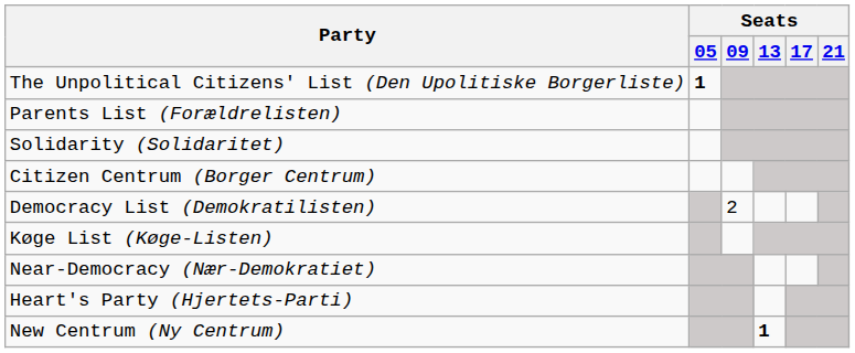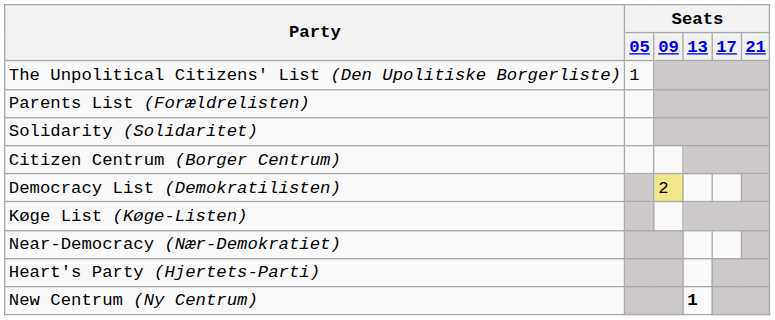 <table class="wikitable">
 <tr>
 <th rowspan=2>Party</th>
 <th colspan=11>Seats</th>
 </tr>
 <tr>
 <th><a href='#'>05</a></th>
 <th><a href='#'>09</a></th>
 <th><a href='#'>13</a></th>
 <th><a href='#'>17</a></th>
 <th><a href='#'>21</a></th>
 </tr>
 <tr>
 <td>The Unpolitical Citizens' List <em>(Den Upolitiske Borgerliste)</em></td>
-<td><strong>1</strong></td>
+<td>1</td>
 <td style="background:#CDC9C9;" colspan=4></td>
 </tr>
 <tr>
 <td>Parents List <em>(Forældrelisten)</em></td>
 <td></td>
 <td style="background:#CDC9C9;" colspan=4></td>
 </tr>
 <tr>
 <td>Solidarity <em>(Solidaritet)</em></td>
 <td></td>
 <td style="background:#CDC9C9;" colspan=4></td>
 </tr>
 <tr>
 <td>Citizen Centrum <em>(Borger Centrum)</em></td>
 <td></td>
 <td></td>
 <td style="background:#CDC9C9;" colspan=3></td>
 </tr>
 <tr>
 <td>Democracy List <em>(Demokratilisten)</em></td>
 <td style="background:#CDC9C9;"></td>
-<td>2</td>
+<td style="background: khaki;">2</td>
 <td></td>
 <td></td>
 <td style="background:#CDC9C9;"></td>
 </tr>
 <tr>
 <td>Køge List <em>(Køge-Listen)</em></td>
 <td style="background:#CDC9C9;"></td>
 <td></td>
 <td style="background:#CDC9C9;" colspan="3"></td>
 </tr>
 <tr>
 <td>Near-Democracy <em>(Nær-Demokratiet)</em></td>
 <td style="background:#CDC9C9;" colspan=2></td>
 <td></td>
 <td></td>
 <td style="background:#CDC9C9;"></td>
 </tr>
 <tr>
 <td>Heart's Party <em>(Hjertets-Parti)</em></td>
 <td style="background:#CDC9C9;" colspan=2></td>
 <td></td>
 <td style="background:#CDC9C9;" colspan=2></td>
 </tr>
 <tr>
 <td>New Centrum <em>(Ny Centrum)</em></td>
 <td style="background:#CDC9C9;" colspan=2></td>
 <td><strong>1</strong></td>
 <td style="background:#CDC9C9;" colspan=2></td>
 </tr>
 </table>
